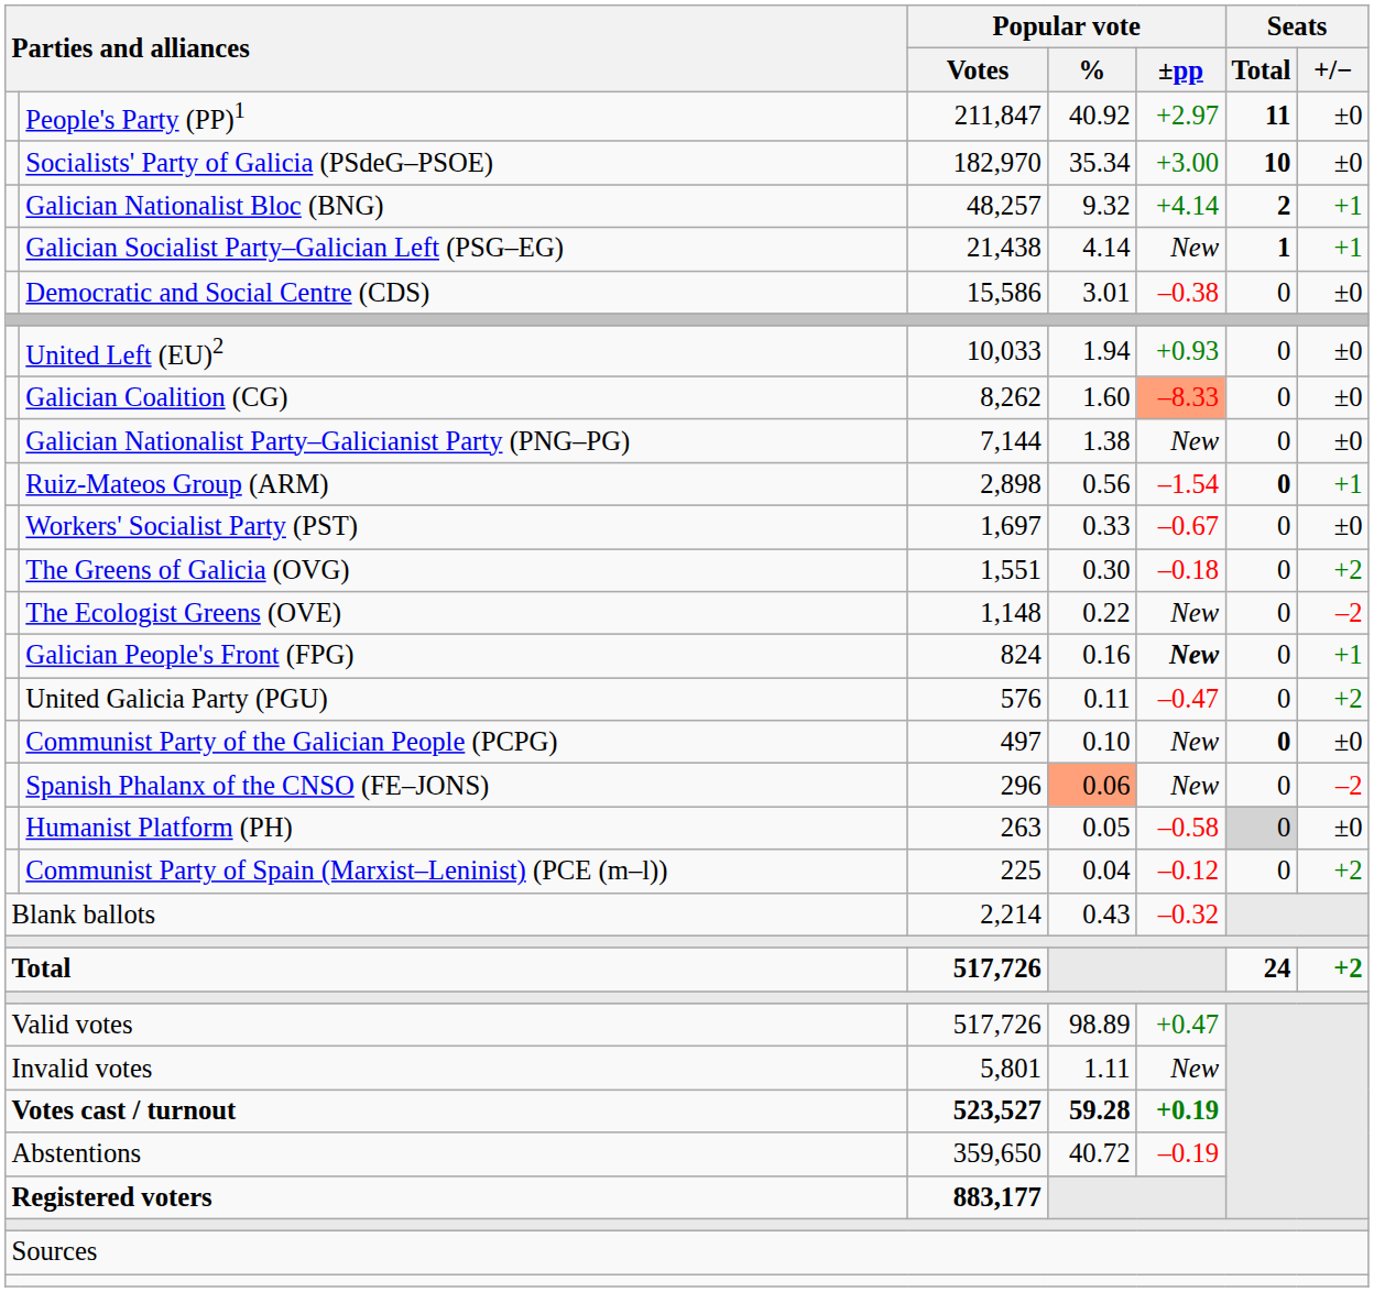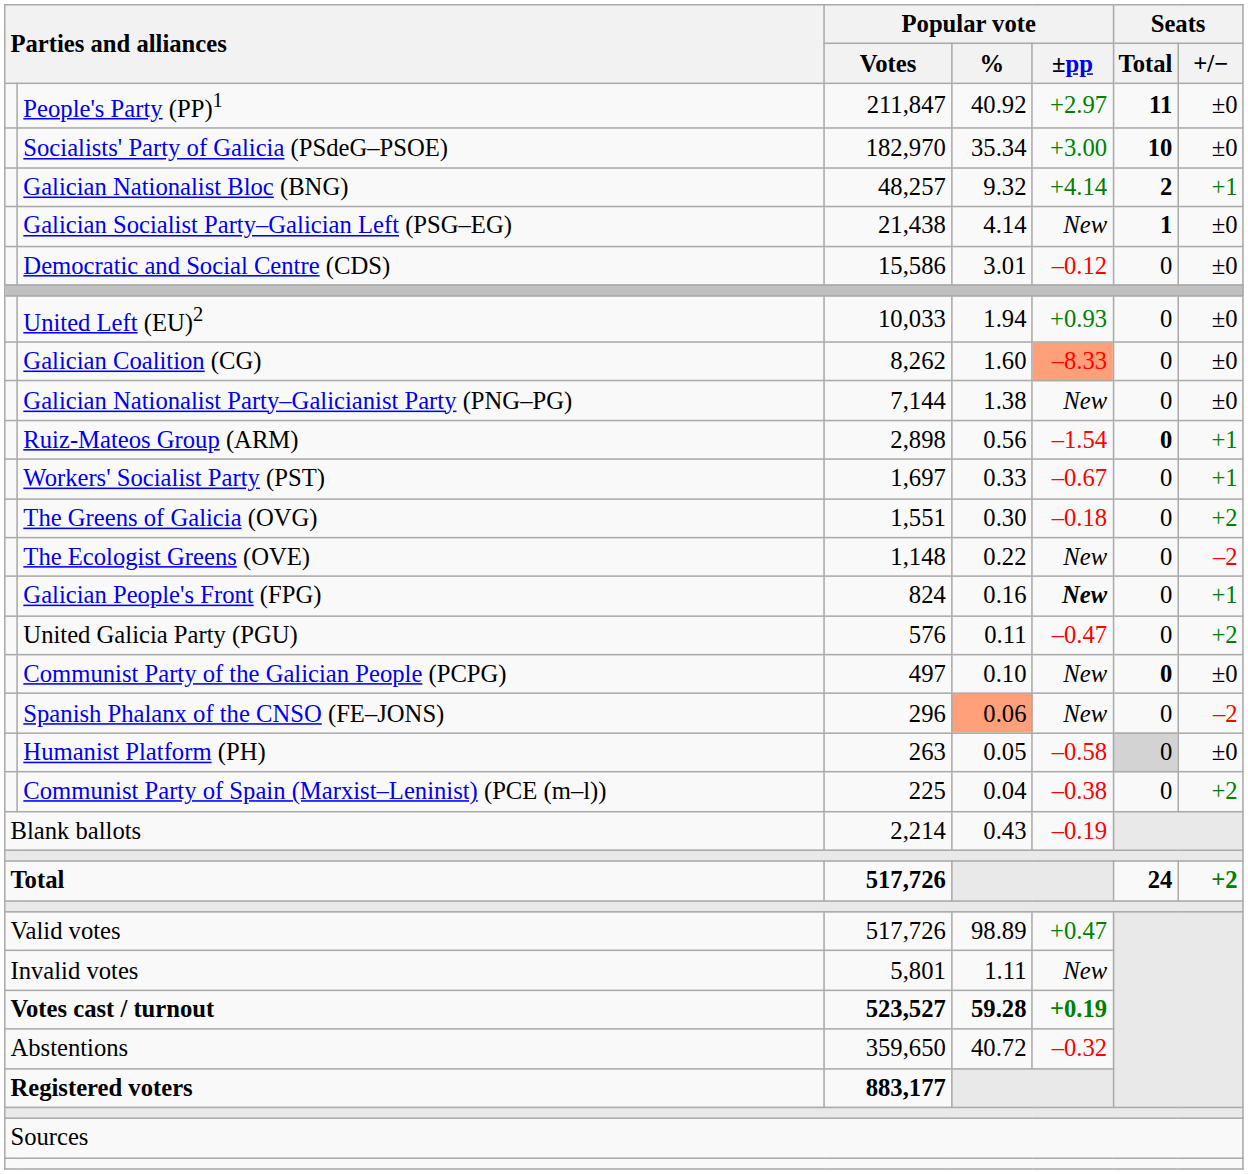 <table class="wikitable" style="text-align:right;">
 <tr>
 <th style="text-align:left;" rowspan="2" colspan="2" width="525">Parties and alliances</th>
 <th colspan="3">Popular vote</th>
 <th colspan="2">Seats</th>
 </tr>
 <tr>
 <th width="75">Votes</th>
 <th width="45">%</th>
 <th width="45">±<a href='#'>pp</a></th>
 <th width="35">Total</th>
 <th width="35">+/−</th>
 </tr>
 <tr>
 <td width="1" style="color:inherit;background:"></td>
 <td align="left"><a href='#'>People's Party</a> (PP)<sup>1</sup></td>
 <td>211,847</td>
 <td>40.92</td>
 <td style="color:green;">+2.97</td>
 <td><strong>11</strong></td>
 <td>±0</td>
 </tr>
 <tr>
 <td style="color:inherit;background:"></td>
 <td align="left"><a href='#'>Socialists' Party of Galicia</a> (PSdeG–PSOE)</td>
 <td>182,970</td>
 <td>35.34</td>
 <td style="color:green;">+3.00</td>
 <td><strong>10</strong></td>
 <td>±0</td>
 </tr>
 <tr>
 <td style="color:inherit;background:"></td>
 <td align="left"><a href='#'>Galician Nationalist Bloc</a> (BNG)</td>
 <td>48,257</td>
 <td>9.32</td>
 <td style="color:green;">+4.14</td>
 <td><strong>2</strong></td>
 <td style="color:green;">+1</td>
 </tr>
 <tr>
 <td style="color:inherit;background:"></td>
 <td align="left"><a href='#'>Galician Socialist Party–Galician Left</a> (PSG–EG)</td>
 <td>21,438</td>
 <td>4.14</td>
 <td><em>New</em></td>
 <td><strong>1</strong></td>
-<td style="color:green;">+1</td>
+<td>±0</td>
 </tr>
 <tr>
 <td style="color:inherit;background:"></td>
 <td align="left"><a href='#'>Democratic and Social Centre</a> (CDS)</td>
 <td>15,586</td>
 <td>3.01</td>
-<td style="color:red;">–0.38</td>
+<td style="color:red;">–0.12</td>
 <td>0</td>
 <td>±0</td>
 </tr>
 <tr>
 <td colspan="7" bgcolor="#C0C0C0"></td>
 </tr>
 <tr>
 <td style="color:inherit;background:"></td>
 <td align="left"><a href='#'>United Left</a> (EU)<sup>2</sup></td>
 <td>10,033</td>
 <td>1.94</td>
 <td style="color:green;">+0.93</td>
 <td>0</td>
 <td>±0</td>
 </tr>
 <tr>
 <td style="color:inherit;background:"></td>
 <td align="left"><a href='#'>Galician Coalition</a> (CG)</td>
 <td>8,262</td>
 <td>1.60</td>
 <td style="background: lightsalmon; color:red;">–8.33</td>
 <td>0</td>
 <td>±0</td>
 </tr>
 <tr>
 <td style="color:inherit;background:"></td>
 <td align="left"><a href='#'>Galician Nationalist Party–Galicianist Party</a> (PNG–PG)</td>
 <td>7,144</td>
 <td>1.38</td>
 <td><em>New</em></td>
 <td>0</td>
 <td>±0</td>
 </tr>
 <tr>
 <td style="color:inherit;background:"></td>
 <td align="left"><a href='#'>Ruiz-Mateos Group</a> (ARM)</td>
 <td>2,898</td>
 <td>0.56</td>
 <td style="color:red;">–1.54</td>
 <td><strong>0</strong></td>
 <td style="color:green;">+1</td>
 </tr>
 <tr>
 <td style="color:inherit;background:"></td>
 <td align="left"><a href='#'>Workers' Socialist Party</a> (PST)</td>
 <td>1,697</td>
 <td>0.33</td>
 <td style="color:red;">–0.67</td>
 <td>0</td>
-<td>±0</td>
+<td style="color:green;">+1</td>
 </tr>
 <tr>
 <td style="color:inherit;background:"></td>
 <td align="left"><a href='#'>The Greens of Galicia</a> (OVG)</td>
 <td>1,551</td>
 <td>0.30</td>
 <td style="color:red;">–0.18</td>
 <td>0</td>
 <td style="color:green;">+2</td>
 </tr>
 <tr>
 <td style="color:inherit;background:"></td>
 <td align="left"><a href='#'>The Ecologist Greens</a> (OVE)</td>
 <td>1,148</td>
 <td>0.22</td>
 <td><em>New</em></td>
 <td>0</td>
 <td style="color:red;">–2</td>
 </tr>
 <tr>
 <td style="color:inherit;background:"></td>
 <td align="left"><a href='#'>Galician People's Front</a> (FPG)</td>
 <td>824</td>
 <td>0.16</td>
 <td><strong><em>New</em></strong></td>
 <td>0</td>
 <td style="color:green;">+1</td>
 </tr>
 <tr>
 <td style="color:inherit;background:"></td>
 <td align="left">United Galicia Party (PGU)</td>
 <td>576</td>
 <td>0.11</td>
 <td style="color:red;">–0.47</td>
 <td>0</td>
 <td style="color:green;">+2</td>
 </tr>
 <tr>
 <td style="color:inherit;background:"></td>
 <td align="left"><a href='#'>Communist Party of the Galician People</a> (PCPG)</td>
 <td>497</td>
 <td>0.10</td>
 <td><em>New</em></td>
 <td><strong>0</strong></td>
 <td>±0</td>
 </tr>
 <tr>
 <td style="color:inherit;background:"></td>
 <td align="left"><a href='#'>Spanish Phalanx of the CNSO</a> (FE–JONS)</td>
 <td>296</td>
 <td style="background: lightsalmon;">0.06</td>
 <td><em>New</em></td>
 <td>0</td>
 <td style="color:red;">–2</td>
 </tr>
 <tr>
 <td style="color:inherit;background:"></td>
 <td align="left"><a href='#'>Humanist Platform</a> (PH)</td>
 <td>263</td>
 <td>0.05</td>
 <td style="color:red;">–0.58</td>
 <td style="background: lightgrey;">0</td>
 <td>±0</td>
 </tr>
 <tr>
 <td style="color:inherit;background:"></td>
 <td align="left"><a href='#'>Communist Party of Spain (Marxist–Leninist)</a> (PCE (m–l))</td>
 <td>225</td>
 <td>0.04</td>
-<td style="color:red;">–0.12</td>
+<td style="color:red;">–0.38</td>
 <td>0</td>
 <td style="color:green;">+2</td>
 </tr>
 <tr>
 <td align="left" colspan="2">Blank ballots</td>
 <td>2,214</td>
 <td>0.43</td>
-<td style="color:red;">–0.32</td>
+<td style="color:red;">–0.19</td>
 <td bgcolor="#E9E9E9" colspan="2"></td>
 </tr>
 <tr>
 <td colspan="7" bgcolor="#E9E9E9"></td>
 </tr>
 <tr style="font-weight:bold;">
 <td align="left" colspan="2">Total</td>
 <td>517,726</td>
 <td bgcolor="#E9E9E9" colspan="2"></td>
 <td>24</td>
 <td style="color:green;">+2</td>
 </tr>
 <tr>
 <td colspan="7" bgcolor="#E9E9E9"></td>
 </tr>
 <tr>
 <td align="left" colspan="2">Valid votes</td>
 <td>517,726</td>
 <td>98.89</td>
 <td style="color:green;">+0.47</td>
 <td bgcolor="#E9E9E9" colspan="7" rowspan="5"></td>
 </tr>
 <tr>
 <td align="left" colspan="2">Invalid votes</td>
 <td>5,801</td>
 <td>1.11</td>
 <td><em>New</em></td>
 </tr>
 <tr style="font-weight:bold;">
 <td align="left" colspan="2">Votes cast / turnout</td>
 <td>523,527</td>
 <td>59.28</td>
 <td style="color:green;">+0.19</td>
 </tr>
 <tr>
 <td align="left" colspan="2">Abstentions</td>
 <td>359,650</td>
 <td>40.72</td>
-<td style="color:red;">–0.19</td>
+<td style="color:red;">–0.32</td>
 </tr>
 <tr style="font-weight:bold;">
 <td align="left" colspan="2">Registered voters</td>
 <td>883,177</td>
 <td bgcolor="#E9E9E9" colspan="2"></td>
 </tr>
 <tr>
 <td colspan="7" bgcolor="#E9E9E9"></td>
 </tr>
 <tr>
 <td align="left" colspan="7">Sources</td>
 </tr>
 <tr>
 <td colspan="7" style="text-align:left; max-width:790px;"></td>
 </tr>
 </table>
